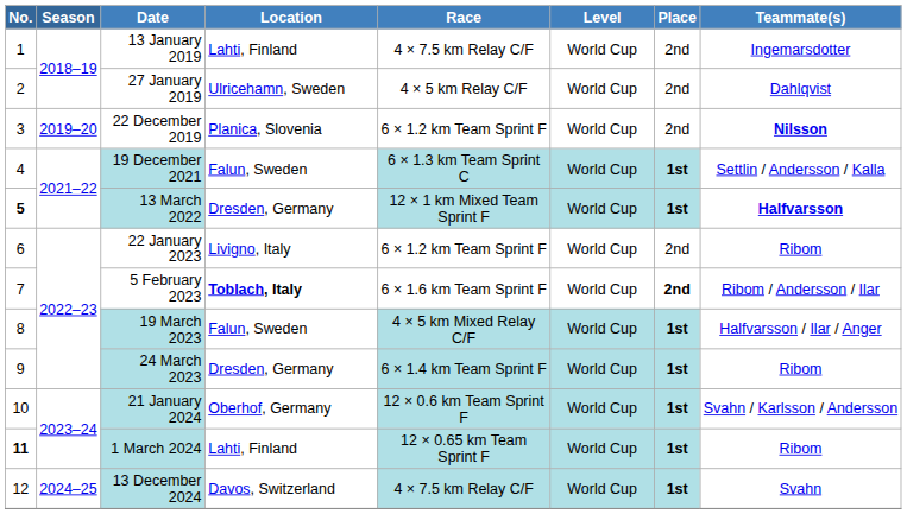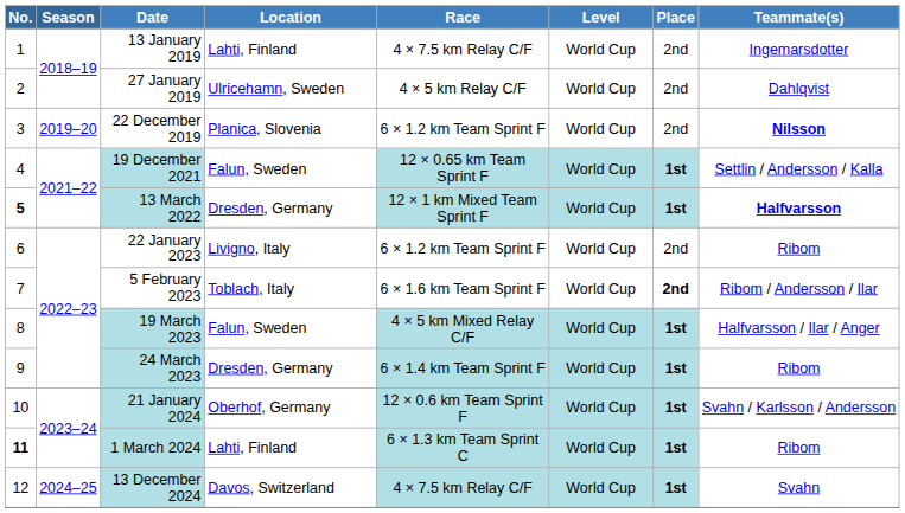 <table class="wikitable sortable" style="font-size:95%; text-align:center; border:grey solid 1px; border-collapse:collapse; background:#ffffff;">
 <tr style="background:#efefef;">
 <th style="background-color:#369; color:white;">No.</th>
 <th style="background-color:#369; color:white;">Season</th>
 <th style="background-color:#4180be; color:white; width:100px;">Date</th>
 <th style="background-color:#4180be; color:white; width:170px;">Location</th>
 <th style="background-color:#4180be; color:white; width:170px;">Race</th>
 <th style="background-color:#4180be; color:white; width:100px;">Level</th>
 <th style="background-color:#4180be; color:white;">Place</th>
 <th style="background-color:#4180be; color:white;">Teammate(s)</th>
 </tr>
 <tr>
 <td align=center>1</td>
 <td rowspan=2 align=center><a href='#'>2018–19</a></td>
 <td align=right>13 January 2019</td>
 <td align=left> <a href='#'>Lahti</a>, Finland</td>
 <td>4  × 7.5 km Relay C/F</td>
 <td>World Cup</td>
 <td>2nd</td>
 <td><a href='#'>Ingemarsdotter</a></td>
 </tr>
 <tr>
 <td align=center>2</td>
 <td align=right>27 January 2019</td>
 <td align=left> <a href='#'>Ulricehamn</a>, Sweden</td>
 <td>4  × 5 km Relay C/F</td>
 <td>World Cup</td>
 <td>2nd</td>
 <td><a href='#'>Dahlqvist</a></td>
 </tr>
 <tr>
 <td align=center>3</td>
 <td align=center><a href='#'>2019–20</a></td>
 <td align=right>22 December 2019</td>
 <td align=left> <a href='#'>Planica</a>, Slovenia</td>
 <td>6 × 1.2 km Team Sprint F</td>
 <td>World Cup</td>
 <td>2nd</td>
 <td><strong><a href='#'>Nilsson</a></strong></td>
 </tr>
 <tr>
 <td align=center>4</td>
 <td rowspan=2 align=center><a href='#'>2021–22</a></td>
 <td bgcolor="#BOEOE6" align=right>19 December 2021</td>
 <td align=left> <a href='#'>Falun</a>, Sweden</td>
-<td bgcolor="#BOEOE6">6 × 1.3 km Team Sprint C</td>
+<td bgcolor="#BOEOE6">12 × 0.65 km Team Sprint F</td>
 <td bgcolor="#BOEOE6">World Cup</td>
 <td bgcolor="#BOEOE6"><strong>1st</strong></td>
 <td><a href='#'>Settlin</a> / <a href='#'>Andersson</a> / <a href='#'>Kalla</a></td>
 </tr>
 <tr>
 <td align=center><strong>5</strong></td>
 <td bgcolor="#BOEOE6"align=right>13 March 2022</td>
 <td align=left> <a href='#'>Dresden</a>, Germany</td>
 <td bgcolor="#BOEOE6">12 × 1 km Mixed Team Sprint F</td>
 <td bgcolor="#BOEOE6">World Cup</td>
 <td bgcolor="#BOEOE6"><strong>1st</strong></td>
 <td><strong><a href='#'>Halfvarsson</a></strong></td>
 </tr>
 <tr>
 <td align=center>6</td>
 <td rowspan=4 align=center><a href='#'>2022–23</a></td>
 <td align=right>22 January 2023</td>
 <td align=left> <a href='#'>Livigno</a>, Italy</td>
 <td>6 × 1.2 km Team Sprint F</td>
 <td>World Cup</td>
 <td>2nd</td>
 <td><a href='#'>Ribom</a></td>
 </tr>
 <tr>
 <td align=center>7</td>
 <td align=right>5 February 2023</td>
-<td align=left><strong> <a href='#'>Toblach</a>, Italy</strong></td>
+<td align=left> <a href='#'>Toblach</a>, Italy</td>
 <td>6  × 1.6 km Team Sprint F</td>
 <td>World Cup</td>
 <td><strong>2nd</strong></td>
 <td><a href='#'>Ribom</a> / <a href='#'>Andersson</a> / <a href='#'>Ilar</a></td>
 </tr>
 <tr>
 <td align=center>8</td>
 <td bgcolor="#BOEOE6"align=right>19 March 2023</td>
 <td align=left> <a href='#'>Falun</a>, Sweden</td>
 <td bgcolor="#BOEOE6">4 × 5 km Mixed Relay C/F</td>
 <td bgcolor="#BOEOE6">World Cup</td>
 <td bgcolor="#BOEOE6"><strong>1st</strong></td>
 <td><a href='#'>Halfvarsson</a> / <a href='#'>Ilar</a> / <a href='#'>Anger</a></td>
 </tr>
 <tr>
 <td align=center>9</td>
 <td bgcolor="#BOEOE6"align=right>24 March 2023</td>
 <td align=left> <a href='#'>Dresden</a>, Germany</td>
 <td bgcolor="#BOEOE6">6 × 1.4 km Team Sprint F</td>
 <td bgcolor="#BOEOE6">World Cup</td>
 <td bgcolor="#BOEOE6"><strong>1st</strong></td>
 <td><a href='#'>Ribom</a></td>
 </tr>
 <tr>
 <td align=center>10</td>
 <td rowspan=2 align=center><a href='#'>2023–24</a></td>
 <td bgcolor="#BOEOE6" align=right>21 January 2024</td>
 <td align=left> <a href='#'>Oberhof</a>, Germany</td>
 <td bgcolor="#BOEOE6">12 × 0.6 km Team Sprint F</td>
 <td bgcolor="#BOEOE6">World Cup</td>
 <td bgcolor="#BOEOE6"><strong>1st</strong></td>
 <td><a href='#'>Svahn</a> / <a href='#'>Karlsson</a> / <a href='#'>Andersson</a></td>
 </tr>
 <tr>
 <td align=center><strong>11</strong></td>
 <td bgcolor="#BOEOE6" align=right>1 March 2024</td>
 <td align=left> <a href='#'>Lahti</a>, Finland</td>
-<td bgcolor="#BOEOE6">12 × 0.65 km Team Sprint F</td>
+<td bgcolor="#BOEOE6">6 × 1.3 km Team Sprint C</td>
 <td bgcolor="#BOEOE6">World Cup</td>
 <td bgcolor="#BOEOE6"><strong>1st</strong></td>
 <td><a href='#'>Ribom</a></td>
 </tr>
 <tr>
 <td align=center>12</td>
 <td rowspan=1 align=center><a href='#'>2024–25</a></td>
 <td bgcolor="#BOEOE6" align=right>13 December 2024</td>
 <td align=left> <a href='#'>Davos</a>, Switzerland</td>
 <td bgcolor="#BOEOE6">4 × 7.5 km Relay C/F</td>
 <td bgcolor="#BOEOE6">World Cup</td>
 <td bgcolor="#BOEOE6"><strong>1st</strong></td>
 <td><a href='#'>Svahn</a></td>
 </tr>
 <tr>
 </tr>
 </table>
